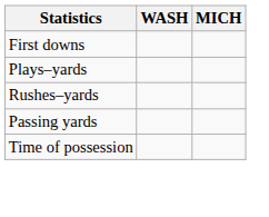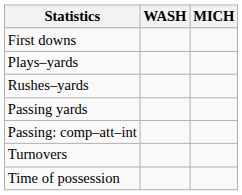 <table class="wikitable" style="float:left">
 <tr>
 <th>Statistics</th>
 <th>WASH</th>
 <th>MICH</th>
 </tr>
 <tr>
 <td>First downs</td>
 <td></td>
 <td></td>
 </tr>
 <tr>
 <td>Plays–yards</td>
 <td></td>
 <td></td>
 </tr>
 <tr>
 <td>Rushes–yards</td>
 <td></td>
 <td></td>
 </tr>
 <tr>
 <td>Passing yards</td>
 <td></td>
 <td></td>
 </tr>
 <tr>
+<td>Passing: comp–att–int</td>
+<td></td>
+<td></td>
+</tr>
+<tr>
+<td>Turnovers</td>
+<td></td>
+<td></td>
+</tr>
+<tr>
 <td>Time of possession</td>
 <td></td>
 <td></td>
 </tr>
 </table>
